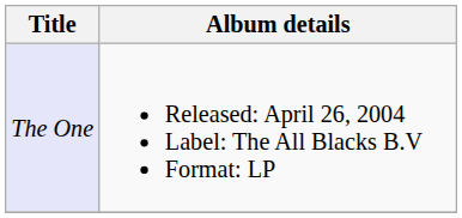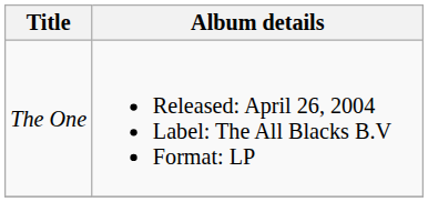 <table class="wikitable">
 <tr>
 <th>Title</th>
 <th width="230">Album details</th>
 </tr>
 <tr>
-<td style="background: lavender;"><em>The One</em></td>
+<td><em>The One</em></td>
 <td><br><ul><li>Released: April 26, 2004</li><li>Label: The All Blacks B.V</li><li>Format: LP</li></ul></td>
 </tr>
 <tr>
 </tr>
 </table>
